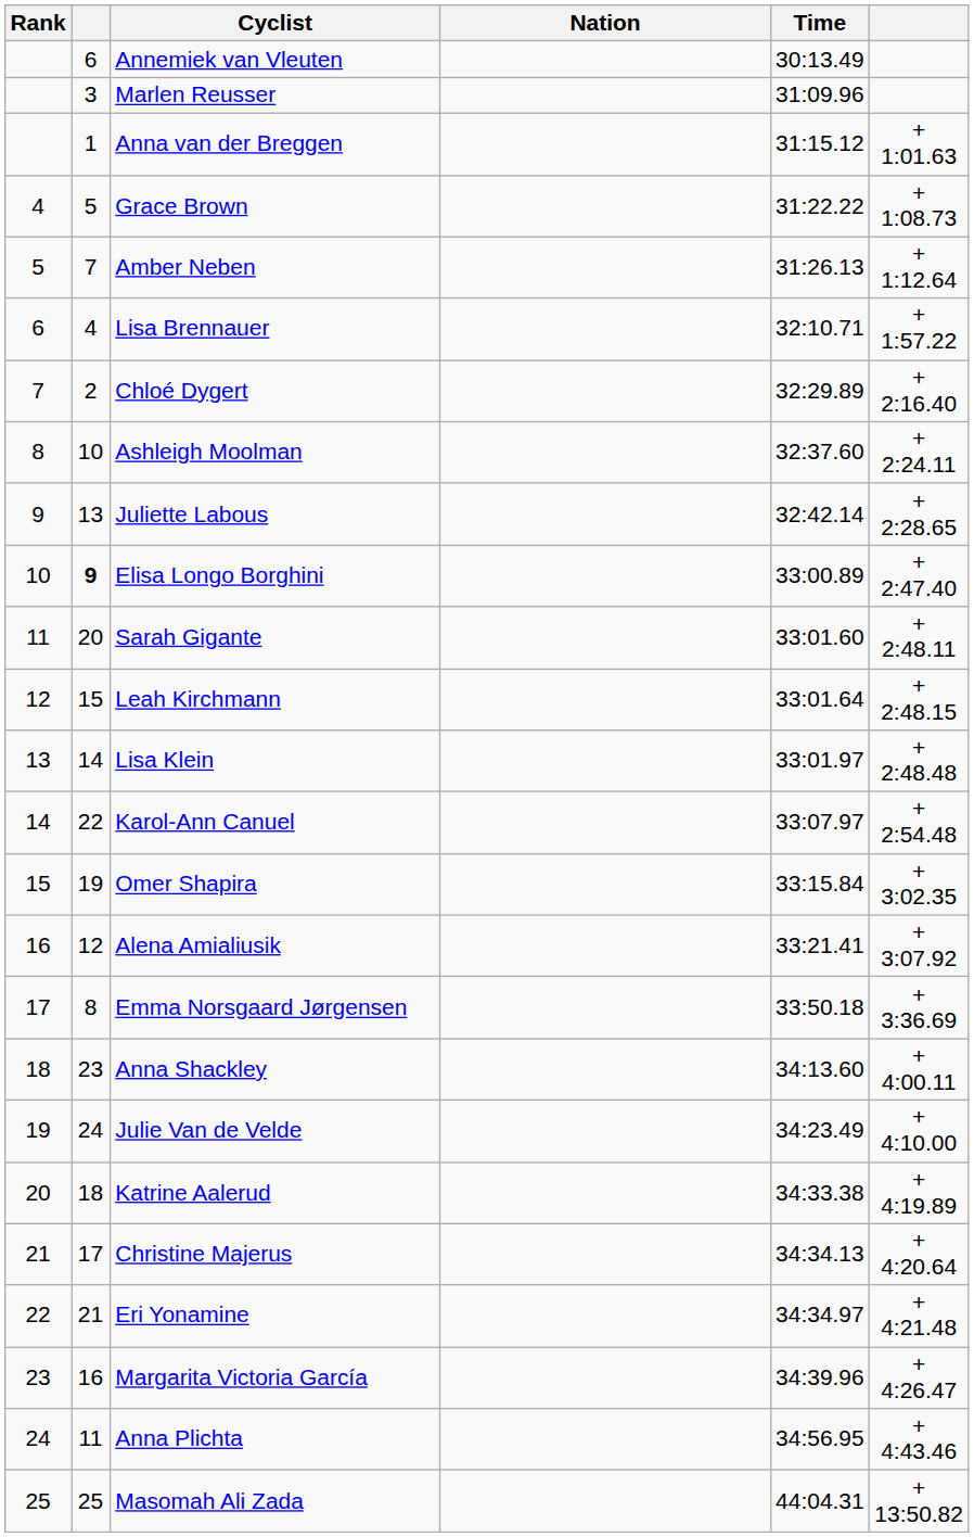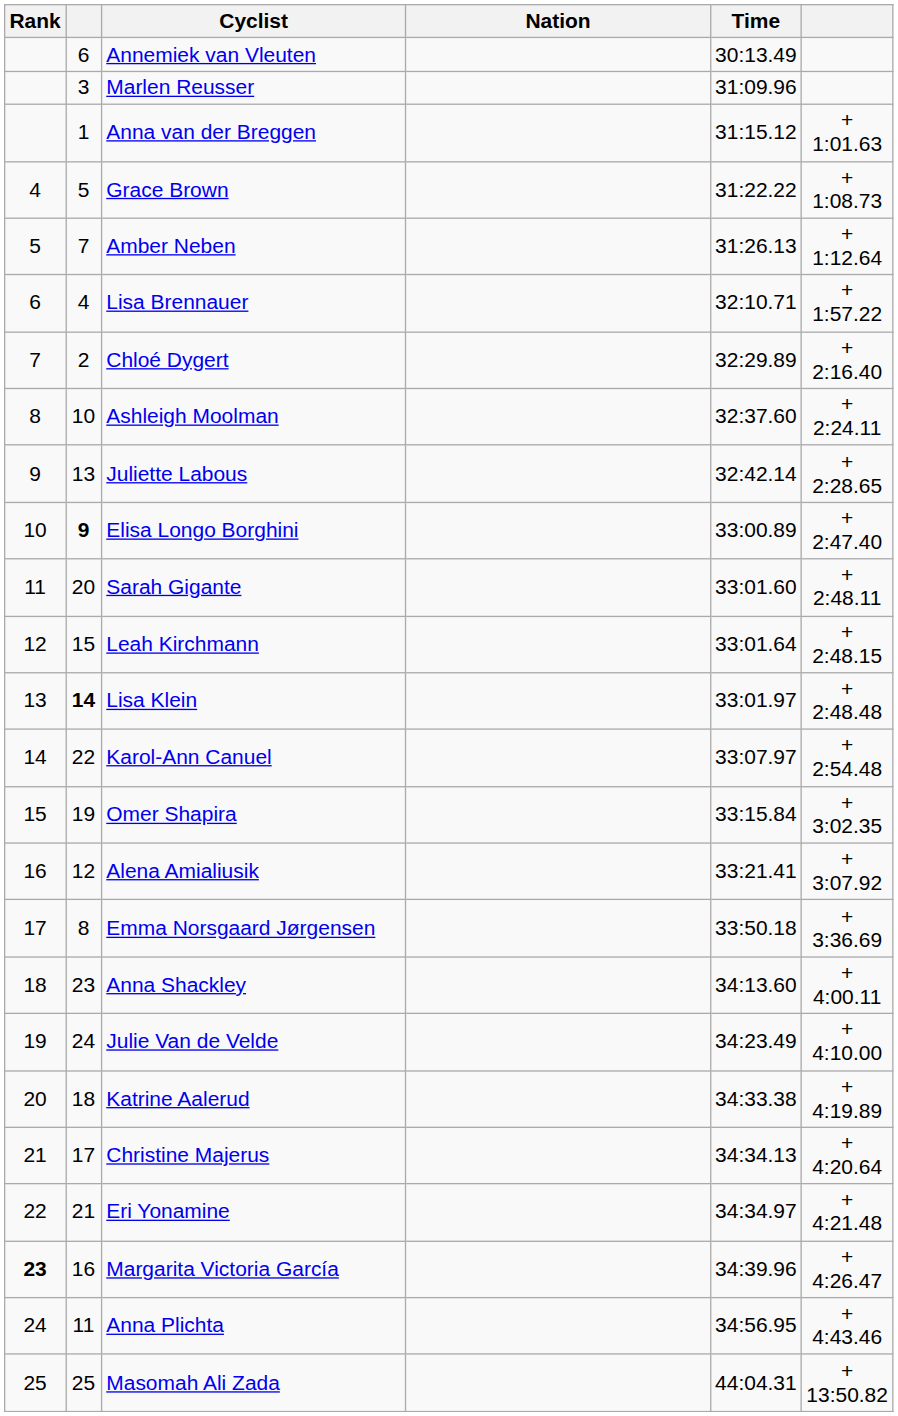 <table class="wikitable sortable" style="text-align:center">
 <tr style="background:#efefef;">
 <th width="30">Rank</th>
 <th width="20"></th>
 <th width="225">Cyclist</th>
 <th width="225">Nation</th>
 <th width="55">Time</th>
 <th width="55"></th>
 </tr>
 <tr>
 <td></td>
 <td>6</td>
 <td align="left"><a href='#'>Annemiek van Vleuten</a></td>
 <td align="left"></td>
 <td>30:13.49</td>
 <td></td>
 </tr>
 <tr>
 <td></td>
 <td>3</td>
 <td align="left"><a href='#'>Marlen Reusser</a></td>
 <td align="left"></td>
 <td>31:09.96</td>
 <td></td>
 </tr>
 <tr>
 <td></td>
 <td>1</td>
 <td align="left"><a href='#'>Anna van der Breggen</a></td>
 <td align="left"></td>
 <td>31:15.12</td>
 <td>+ 1:01.63</td>
 </tr>
 <tr>
 <td>4</td>
 <td>5</td>
 <td align="left"><a href='#'>Grace Brown</a></td>
 <td align="left"></td>
 <td>31:22.22</td>
 <td>+ 1:08.73</td>
 </tr>
 <tr>
 <td>5</td>
 <td>7</td>
 <td align="left"><a href='#'>Amber Neben</a></td>
 <td align="left"></td>
 <td>31:26.13</td>
 <td>+ 1:12.64</td>
 </tr>
 <tr>
 <td>6</td>
 <td>4</td>
 <td align="left"><a href='#'>Lisa Brennauer</a></td>
 <td align="left"></td>
 <td>32:10.71</td>
 <td>+ 1:57.22</td>
 </tr>
 <tr>
 <td>7</td>
 <td>2</td>
 <td align="left"><a href='#'>Chloé Dygert</a></td>
 <td align="left"></td>
 <td>32:29.89</td>
 <td>+ 2:16.40</td>
 </tr>
 <tr>
 <td>8</td>
 <td>10</td>
 <td align="left"><a href='#'>Ashleigh Moolman</a></td>
 <td align="left"></td>
 <td>32:37.60</td>
 <td>+ 2:24.11</td>
 </tr>
 <tr>
 <td>9</td>
 <td>13</td>
 <td align="left"><a href='#'>Juliette Labous</a></td>
 <td align="left"></td>
 <td>32:42.14</td>
 <td>+ 2:28.65</td>
 </tr>
 <tr>
 <td>10</td>
 <td><strong>9</strong></td>
 <td align="left"><a href='#'>Elisa Longo Borghini</a></td>
 <td align="left"></td>
 <td>33:00.89</td>
 <td>+ 2:47.40</td>
 </tr>
 <tr>
 <td>11</td>
 <td>20</td>
 <td align="left"><a href='#'>Sarah Gigante</a></td>
 <td align="left"></td>
 <td>33:01.60</td>
 <td>+ 2:48.11</td>
 </tr>
 <tr>
 <td>12</td>
 <td>15</td>
 <td align="left"><a href='#'>Leah Kirchmann</a></td>
 <td align="left"></td>
 <td>33:01.64</td>
 <td>+ 2:48.15</td>
 </tr>
 <tr>
 <td>13</td>
-<td>14</td>
+<td><strong>14</strong></td>
 <td align="left"><a href='#'>Lisa Klein</a></td>
 <td align="left"></td>
 <td>33:01.97</td>
 <td>+ 2:48.48</td>
 </tr>
 <tr>
 <td>14</td>
 <td>22</td>
 <td align="left"><a href='#'>Karol-Ann Canuel</a></td>
 <td align="left"></td>
 <td>33:07.97</td>
 <td>+ 2:54.48</td>
 </tr>
 <tr>
 <td>15</td>
 <td>19</td>
 <td align="left"><a href='#'>Omer Shapira</a></td>
 <td align="left"></td>
 <td>33:15.84</td>
 <td>+ 3:02.35</td>
 </tr>
 <tr>
 <td>16</td>
 <td>12</td>
 <td align="left"><a href='#'>Alena Amialiusik</a></td>
 <td align="left"></td>
 <td>33:21.41</td>
 <td>+ 3:07.92</td>
 </tr>
 <tr>
 <td>17</td>
 <td>8</td>
 <td align="left"><a href='#'>Emma Norsgaard Jørgensen</a></td>
 <td align="left"></td>
 <td>33:50.18</td>
 <td>+ 3:36.69</td>
 </tr>
 <tr>
 <td>18</td>
 <td>23</td>
 <td align="left"><a href='#'>Anna Shackley</a></td>
 <td align="left"></td>
 <td>34:13.60</td>
 <td>+ 4:00.11</td>
 </tr>
 <tr>
 <td>19</td>
 <td>24</td>
 <td align="left"><a href='#'>Julie Van de Velde</a></td>
 <td align="left"></td>
 <td>34:23.49</td>
 <td>+ 4:10.00</td>
 </tr>
 <tr>
 <td>20</td>
 <td>18</td>
 <td align="left"><a href='#'>Katrine Aalerud</a></td>
 <td align="left"></td>
 <td>34:33.38</td>
 <td>+ 4:19.89</td>
 </tr>
 <tr>
 <td>21</td>
 <td>17</td>
 <td align="left"><a href='#'>Christine Majerus</a></td>
 <td align="left"></td>
 <td>34:34.13</td>
 <td>+ 4:20.64</td>
 </tr>
 <tr>
 <td>22</td>
 <td>21</td>
 <td align="left"><a href='#'>Eri Yonamine</a></td>
 <td align="left"></td>
 <td>34:34.97</td>
 <td>+ 4:21.48</td>
 </tr>
 <tr>
-<td>23</td>
+<td><strong>23</strong></td>
 <td>16</td>
 <td align="left"><a href='#'>Margarita Victoria García</a></td>
 <td align="left"></td>
 <td>34:39.96</td>
 <td>+ 4:26.47</td>
 </tr>
 <tr>
 <td>24</td>
 <td>11</td>
 <td align="left"><a href='#'>Anna Plichta</a></td>
 <td align="left"></td>
 <td>34:56.95</td>
 <td>+ 4:43.46</td>
 </tr>
 <tr>
 <td>25</td>
 <td>25</td>
 <td align="left"><a href='#'>Masomah Ali Zada</a></td>
 <td align="left"></td>
 <td>44:04.31</td>
 <td>+ 13:50.82</td>
 </tr>
 <tr>
 </tr>
 </table>
